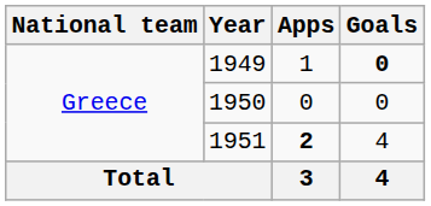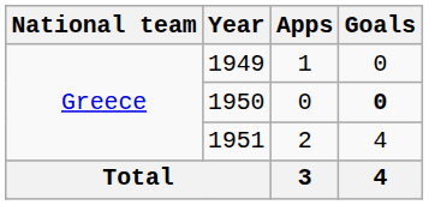 <table class=wikitable style=text-align:center>
 <tr>
 <th>National team</th>
 <th>Year</th>
 <th>Apps</th>
 <th>Goals</th>
 </tr>
 <tr>
 <td rowspan="3"><a href='#'>Greece</a></td>
 <td>1949</td>
 <td>1</td>
-<td><strong>0</strong></td>
+<td>0</td>
 </tr>
 <tr>
 <td>1950</td>
 <td>0</td>
-<td>0</td>
+<td><strong>0</strong></td>
 </tr>
 <tr>
 <td>1951</td>
-<td><strong>2</strong></td>
+<td>2</td>
 <td>4</td>
 </tr>
 <tr>
 <th colspan="2">Total</th>
 <th>3</th>
 <th>4</th>
 </tr>
 </table>
